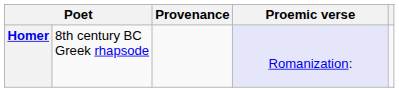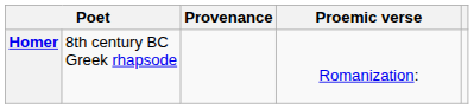 <table class="wikitable" ">
 <tr>
 <th scope="col" colspan="2">Poet</th>
 <th scope="col">Provenance</th>
 <th scope="col">Proemic verse</th>
 <th scope="col"></th>
 </tr>
 <tr valign="top">
 <th><a href='#'>Homer</a></th>
 <td> 8th century BC<br>Greek <a href='#'>rhapsode</a></td>
 <td></td>
-<td style="background: lavender;"><blockquote><br><a href='#'>Romanization</a>: </blockquote></td>
+<td><blockquote><br><a href='#'>Romanization</a>: </blockquote></td>
 <td></td>
 </tr>
 </table>
